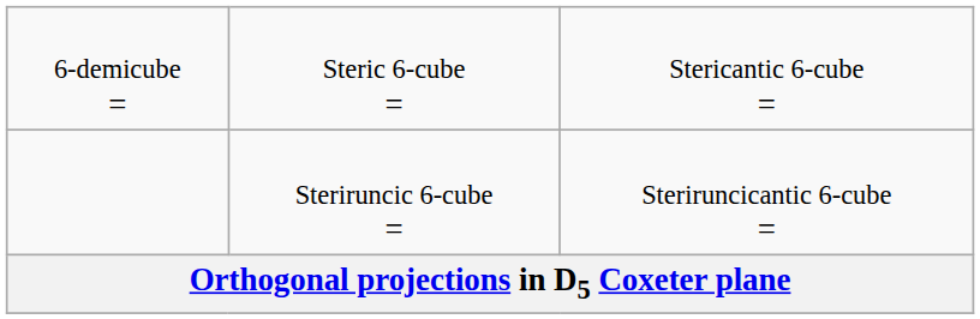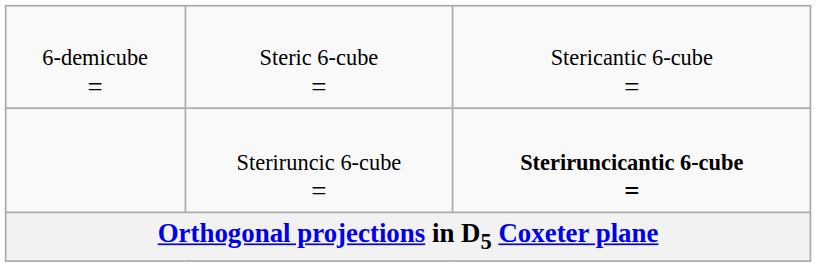 <table class=wikitable align=right width=480 style="margin-left:1em;">
 <tr align=center valign=top>
 <td><br><small>6-demicube</small><br> = </td>
 <td><br><small>Steric 6-cube</small><br> = </td>
 <td><br><small>Stericantic 6-cube</small><br> = </td>
 </tr>
 <tr align=center valign=top>
 <td></td>
 <td><br><small>Steriruncic 6-cube</small><br> = </td>
-<td><br><small>Steriruncicantic 6-cube</small><br> = </td>
+<td><strong><br><small>Steriruncicantic 6-cube</small><br> = </strong></td>
 </tr>
 <tr>
 <th colspan=3><a href='#'>Orthogonal projections</a> in D<sub>5</sub> <a href='#'>Coxeter plane</a></th>
 </tr>
 </table>
